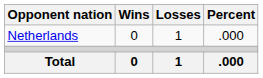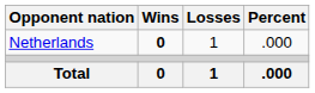 <table class=wikitable>
 <tr>
 <th>Opponent nation</th>
 <th>Wins</th>
 <th>Losses</th>
 <th>Percent</th>
 </tr>
 <tr align=center>
 <td align=left><a href='#'>Netherlands</a></td>
-<td>0</td>
+<td><strong>0</strong></td>
 <td>1</td>
 <td>.000</td>
 </tr>
 <tr>
 <td colspan=4 bgcolor=lightgray></td>
 </tr>
 <tr>
 <th>Total</th>
 <th>0</th>
 <th>1</th>
 <th>.000</th>
 </tr>
 </table>
